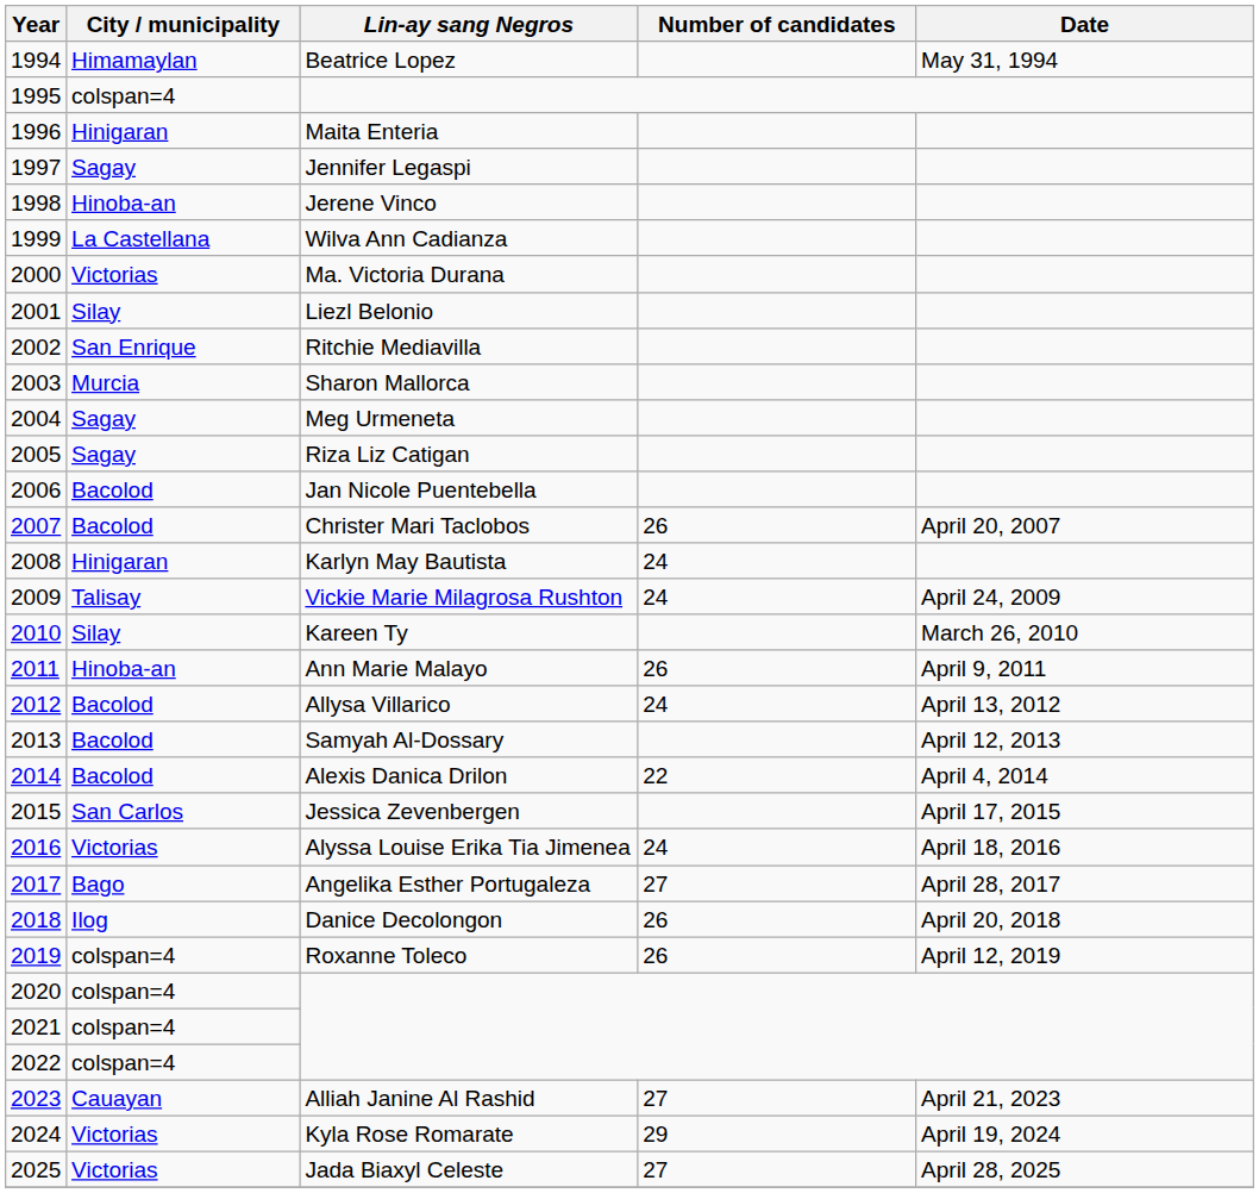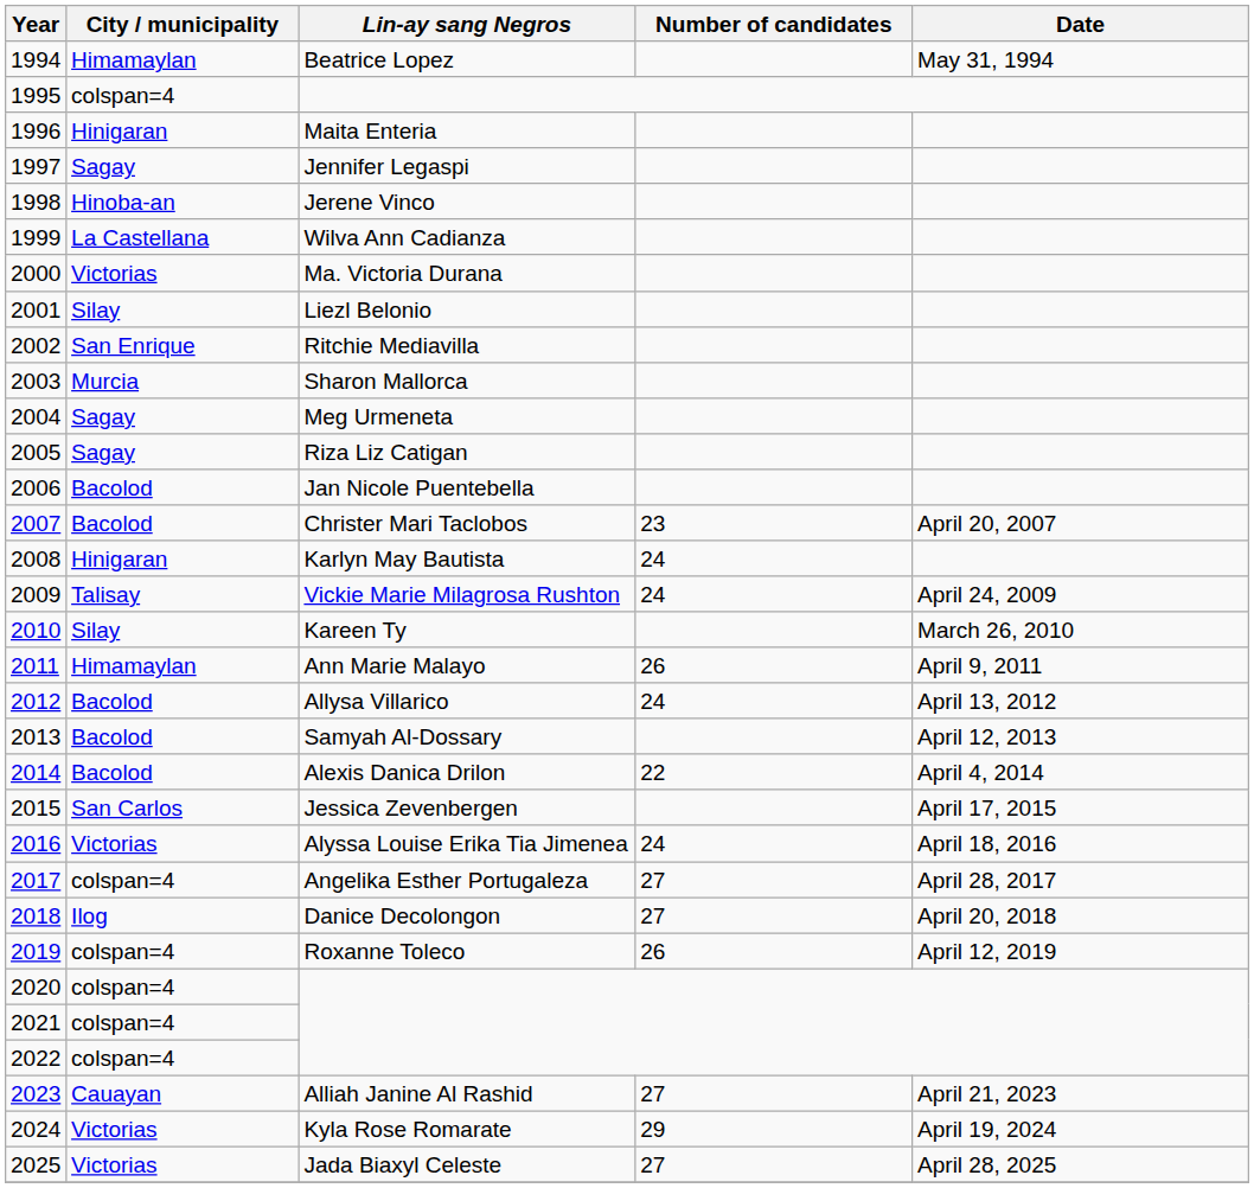 <table class="wikitable sortable" style="font-size:95%;">
 <tr>
 <th width="30">Year</th>
 <th style="width:150px;">City / municipality</th>
 <th style="width:220px;"><em>Lin-ay sang Negros</em></th>
 <th style="width:180px;">Number of candidates</th>
 <th style="width:220px;">Date</th>
 </tr>
 <tr>
 <td>1994</td>
 <td><a href='#'>Himamaylan</a></td>
 <td>Beatrice Lopez</td>
 <td></td>
 <td>May 31, 1994</td>
 </tr>
 <tr>
 <td>1995</td>
 <td>colspan=4</td>
 </tr>
 <tr>
 <td>1996</td>
 <td><a href='#'>Hinigaran</a></td>
 <td>Maita Enteria</td>
 <td></td>
 <td></td>
 </tr>
 <tr>
 <td>1997</td>
 <td><a href='#'>Sagay</a></td>
 <td>Jennifer Legaspi</td>
 <td></td>
 <td></td>
 </tr>
 <tr>
 <td>1998</td>
 <td><a href='#'>Hinoba-an</a></td>
 <td>Jerene Vinco</td>
 <td></td>
 <td></td>
 </tr>
 <tr>
 <td>1999</td>
 <td><a href='#'>La Castellana</a></td>
 <td>Wilva Ann Cadianza</td>
 <td></td>
 <td></td>
 </tr>
 <tr>
 <td>2000</td>
 <td><a href='#'>Victorias</a></td>
 <td>Ma. Victoria Durana</td>
 <td></td>
 <td></td>
 </tr>
 <tr>
 <td>2001</td>
 <td><a href='#'>Silay</a></td>
 <td>Liezl Belonio</td>
 <td></td>
 <td></td>
 </tr>
 <tr>
 <td>2002</td>
 <td><a href='#'>San Enrique</a></td>
 <td>Ritchie Mediavilla</td>
 <td></td>
 <td></td>
 </tr>
 <tr>
 <td>2003</td>
 <td><a href='#'>Murcia</a></td>
 <td>Sharon Mallorca</td>
 <td></td>
 <td></td>
 </tr>
 <tr>
 <td>2004</td>
 <td><a href='#'>Sagay</a></td>
 <td>Meg Urmeneta</td>
 <td></td>
 <td></td>
 </tr>
 <tr>
 <td>2005</td>
 <td><a href='#'>Sagay</a></td>
 <td>Riza Liz Catigan</td>
 <td></td>
 <td></td>
 </tr>
 <tr>
 <td>2006</td>
 <td><a href='#'>Bacolod</a></td>
 <td>Jan Nicole Puentebella</td>
 <td></td>
 <td></td>
 </tr>
 <tr>
 <td><a href='#'>2007</a></td>
 <td><a href='#'>Bacolod</a></td>
 <td>Christer Mari Taclobos</td>
-<td>26</td>
+<td>23</td>
 <td>April 20, 2007</td>
 </tr>
 <tr>
 <td>2008</td>
 <td><a href='#'>Hinigaran</a></td>
 <td>Karlyn May Bautista</td>
 <td>24</td>
 <td></td>
 </tr>
 <tr>
 <td>2009</td>
 <td><a href='#'>Talisay</a></td>
 <td><a href='#'>Vickie Marie Milagrosa Rushton</a></td>
 <td>24</td>
 <td>April 24, 2009</td>
 </tr>
 <tr>
 <td><a href='#'>2010</a></td>
 <td><a href='#'>Silay</a></td>
 <td>Kareen Ty</td>
 <td></td>
 <td>March 26, 2010</td>
 </tr>
 <tr>
 <td><a href='#'>2011</a></td>
-<td><a href='#'>Hinoba-an</a></td>
+<td><a href='#'>Himamaylan</a></td>
 <td>Ann Marie Malayo</td>
 <td>26</td>
 <td>April 9, 2011</td>
 </tr>
 <tr>
 <td><a href='#'>2012</a></td>
 <td><a href='#'>Bacolod</a></td>
 <td>Allysa Villarico</td>
 <td>24</td>
 <td>April 13, 2012</td>
 </tr>
 <tr>
 <td>2013</td>
 <td><a href='#'>Bacolod</a></td>
 <td>Samyah Al-Dossary</td>
 <td></td>
 <td>April 12, 2013</td>
 </tr>
 <tr>
 <td><a href='#'>2014</a></td>
 <td><a href='#'>Bacolod</a></td>
 <td>Alexis Danica Drilon</td>
 <td>22</td>
 <td>April 4, 2014</td>
 </tr>
 <tr>
 <td>2015</td>
 <td><a href='#'>San Carlos</a></td>
 <td>Jessica Zevenbergen</td>
 <td></td>
 <td>April 17, 2015</td>
 </tr>
 <tr>
 <td><a href='#'>2016</a></td>
 <td><a href='#'>Victorias</a></td>
 <td>Alyssa Louise Erika Tia Jimenea</td>
 <td>24</td>
 <td>April 18, 2016</td>
 </tr>
 <tr>
 <td><a href='#'>2017</a></td>
-<td><a href='#'>Bago</a></td>
+<td>colspan=4</td>
 <td>Angelika Esther Portugaleza</td>
 <td>27</td>
 <td>April 28, 2017</td>
 </tr>
 <tr>
 <td><a href='#'>2018</a></td>
 <td><a href='#'>Ilog</a></td>
 <td>Danice Decolongon</td>
-<td>26</td>
+<td>27</td>
 <td>April 20, 2018</td>
 </tr>
 <tr>
 <td><a href='#'>2019</a></td>
 <td>colspan=4</td>
 <td>Roxanne Toleco</td>
 <td>26</td>
 <td>April 12, 2019</td>
 </tr>
 <tr>
 <td>2020</td>
 <td>colspan=4</td>
 </tr>
 <tr>
 <td>2021</td>
 <td>colspan=4</td>
 </tr>
 <tr>
 <td>2022</td>
 <td>colspan=4</td>
 </tr>
 <tr>
 <td><a href='#'>2023</a></td>
 <td><a href='#'>Cauayan</a></td>
 <td>Alliah Janine Al Rashid</td>
 <td>27</td>
 <td>April 21, 2023</td>
 </tr>
 <tr>
 <td>2024</td>
 <td><a href='#'>Victorias</a></td>
 <td>Kyla Rose Romarate</td>
 <td>29</td>
 <td>April 19, 2024</td>
 </tr>
 <tr>
 <td>2025</td>
 <td><a href='#'>Victorias</a></td>
 <td>Jada Biaxyl Celeste</td>
 <td>27</td>
 <td>April 28, 2025</td>
 </tr>
 <tr>
 </tr>
 </table>
